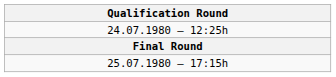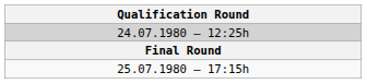 <table class="wikitable" style=" text-align:center; font-size:110%;" width="35%">
 <tr>
 <th colspan="2">Qualification Round</th>
 </tr>
 <tr>
-<td>24.07.1980 – 12:25h</td>
+<td style="background: lightgrey;">24.07.1980 – 12:25h</td>
 </tr>
 <tr>
 <th colspan="2">Final Round</th>
 </tr>
 <tr>
 <td colspan="2">25.07.1980 – 17:15h</td>
 </tr>
 </table>
